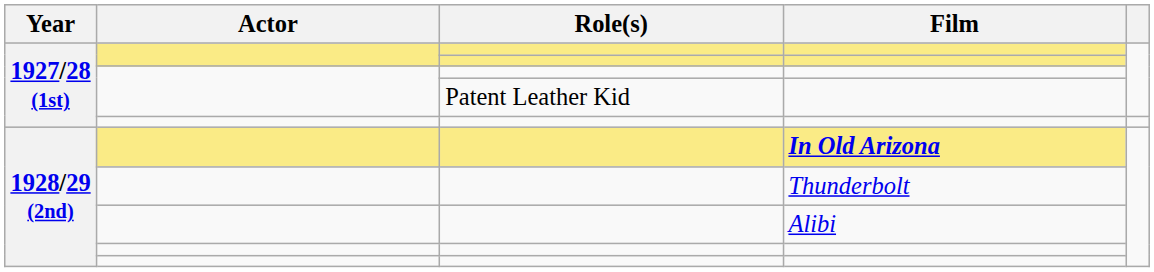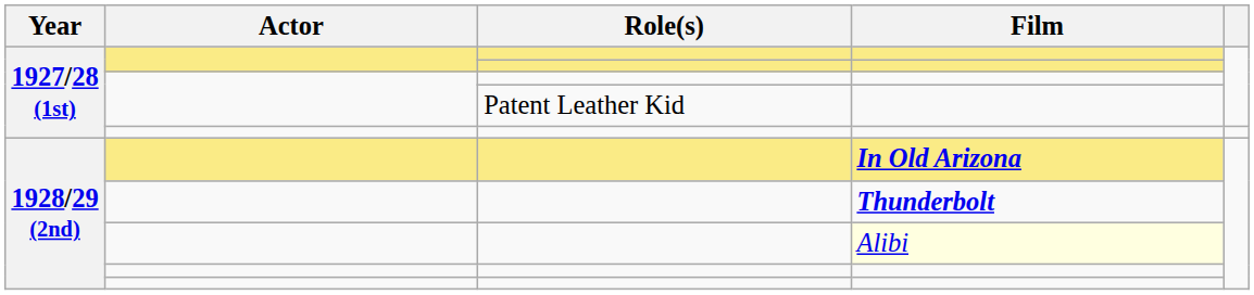 <table class="wikitable sortable">
 <tr>
 <th scope="col" style="width:8%;">Year</th>
 <th scope="col" style="width:30%;">Actor</th>
 <th scope="col" style="width:30%;">Role(s)</th>
 <th scope="col" style="width:30%;">Film</th>
 <th scope="col" style="width:2%;" class="unsortable"></th>
 </tr>
 <tr>
 <th scope="row" rowspan=5 style="text-align:center"><a href='#'>1927</a>/<a href='#'>28</a> <br><small><a href='#'>(1st)</a> </small></th>
 <td rowspan=2 style="background:#FAEB86;"><strong> </strong></td>
 <td style="background:#FAEB86;"><strong></strong></td>
 <td style="background:#FAEB86;"><strong></strong></td>
 <td rowspan=4></td>
 </tr>
 <tr>
 <td style="background:#FAEB86;"><strong></strong></td>
 <td style="background:#FAEB86;"><strong></strong></td>
 </tr>
 <tr>
 <td rowspan=2></td>
 <td></td>
 <td></td>
 </tr>
 <tr>
 <td>Patent Leather Kid</td>
 <td></td>
 </tr>
 <tr>
 <td></td>
 <td></td>
 <td></td>
 <td></td>
 </tr>
 <tr>
 <th scope="row" rowspan=5 style="text-align:center"><a href='#'>1928</a>/<a href='#'>29</a><br><small><a href='#'>(2nd)</a></small><br></th>
 <td style="background:#FAEB86;"><strong> </strong></td>
 <td style="background:#FAEB86;"><strong></strong></td>
 <td style="background:#FAEB86;"><strong><em><a href='#'>In Old Arizona</a></em></strong></td>
 <td rowspan=5></td>
 </tr>
 <tr>
 <td></td>
 <td></td>
-<td><em><a href='#'>Thunderbolt</a></em></td>
+<td><strong><em><a href='#'>Thunderbolt</a></em></strong></td>
 </tr>
 <tr>
 <td></td>
 <td></td>
-<td><em><a href='#'>Alibi</a></em></td>
+<td style="background: lightyellow;"><em><a href='#'>Alibi</a></em></td>
 </tr>
 <tr>
 <td></td>
 <td></td>
 <td></td>
 </tr>
 <tr>
 <td></td>
 <td></td>
 <td></td>
 </tr>
 </table>
